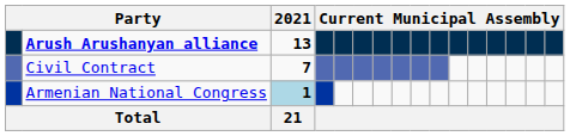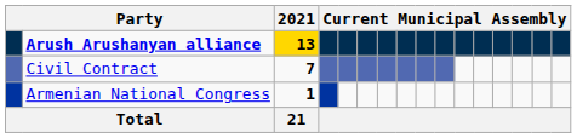 <table class="wikitable">
 <tr>
 <th colspan="2">Party</th>
 <th>2021</th>
 <th colspan="13">Current Municipal Assembly</th>
 </tr>
 <tr>
 <td style="background-color: #002E52"> </td>
 <td><strong><a href='#'>Arush Arushanyan alliance</a></strong></td>
-<td style="text-align: right"><strong>13</strong></td>
+<td style="background: gold; text-align: right"><strong>13</strong></td>
 <td style="background-color: #002E52"> </td>
 <td style="background-color: #002E52"> </td>
 <td style="background-color: #002E52"> </td>
 <td style="background-color: #002E52"> </td>
 <td style="background-color: #002E52"> </td>
 <td style="background-color: #002E52"> </td>
 <td style="background-color: #002E52"> </td>
 <td style="background-color: #002E52"> </td>
 <td style="background-color: #002E52"> </td>
 <td style="background-color: #002E52"> </td>
 <td style="background-color: #002E52"> </td>
 <td style="background-color: #002E52"> </td>
 <td style="background-color: #002E52"> </td>
 </tr>
 <tr>
 <td style="background-color: #5169B1"> </td>
 <td><a href='#'>Civil Contract</a></td>
 <td style="text-align: right"><strong>7</strong></td>
 <td style="background-color: #5169B1"> </td>
 <td style="background-color: #5169B1"> </td>
 <td style="background-color: #5169B1"> </td>
 <td style="background-color: #5169B1"> </td>
 <td style="background-color: #5169B1"> </td>
 <td style="background-color: #5169B1"> </td>
 <td style="background-color: #5169B1"> </td>
 <td></td>
 <td></td>
 <td></td>
 <td></td>
 <td></td>
 <td></td>
 </tr>
 <tr>
 <td style="background-color: #0033A0"> </td>
 <td><a href='#'>Armenian National Congress</a></td>
-<td style="background: lightblue; text-align: right"><strong>1</strong></td>
+<td style="text-align: right"><strong>1</strong></td>
 <td style="background-color: #0033A0"> </td>
 <td></td>
 <td></td>
 <td></td>
 <td></td>
 <td></td>
 <td></td>
 <td></td>
 <td></td>
 <td></td>
 <td></td>
 <td></td>
 </tr>
 <tr>
 <th colspan="2">Total</th>
 <th>21</th>
 <th colspan="13"></th>
 </tr>
 </table>
